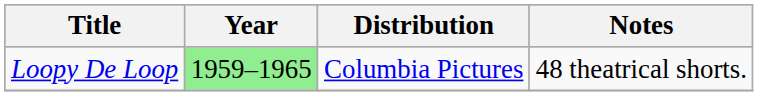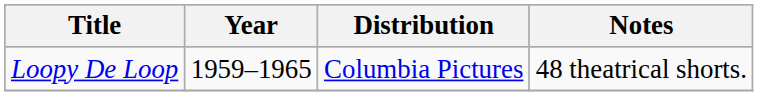 <table class="wikitable sortable">
 <tr>
 <th><strong>Title</strong></th>
 <th><strong>Year</strong></th>
 <th><strong>Distribution</strong></th>
 <th><strong>Notes</strong></th>
 </tr>
 <tr>
 <td><em><a href='#'>Loopy De Loop</a></em></td>
-<td style="background: lightgreen;">1959–1965</td>
+<td>1959–1965</td>
 <td><a href='#'>Columbia Pictures</a></td>
 <td>48 theatrical shorts.</td>
 </tr>
 <tr>
 </tr>
 </table>
